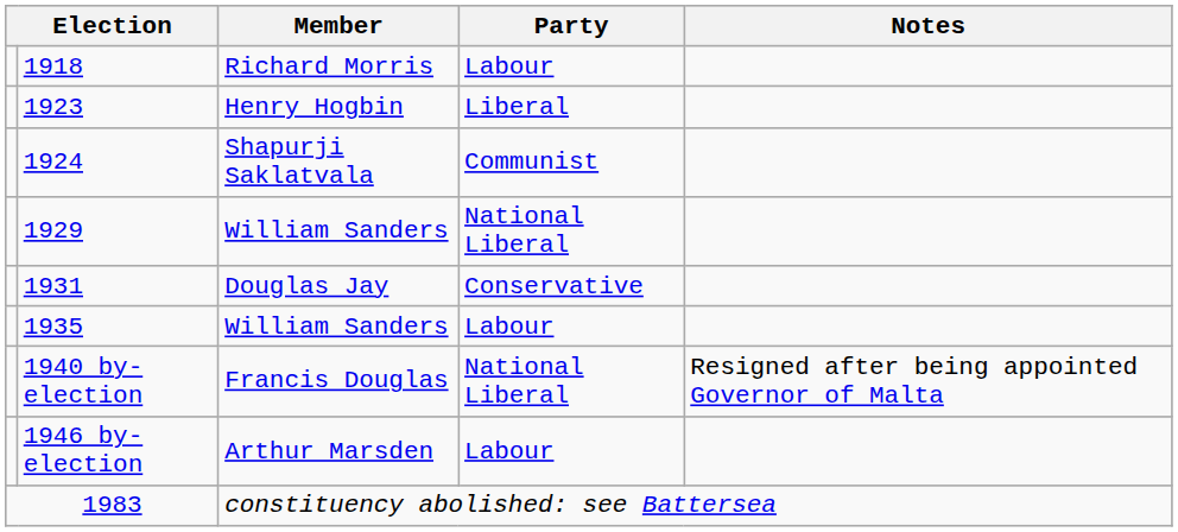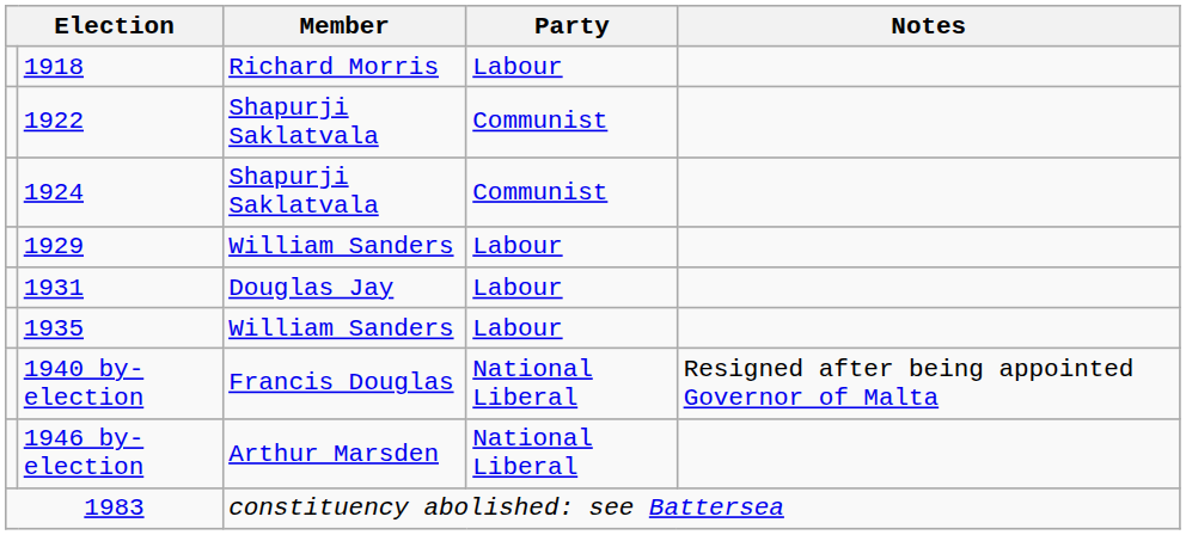 <table class="wikitable">
 <tr>
 <th colspan="2">Election</th>
 <th>Member</th>
 <th>Party</th>
 <th>Notes</th>
 </tr>
 <tr>
 <td style="color:inherit;background-color: "></td>
 <td><a href='#'>1918</a></td>
 <td><a href='#'>Richard Morris</a></td>
 <td><a href='#'>Labour</a></td>
 <td></td>
 </tr>
 <tr>
 <td style="color:inherit;background-color: "></td>
-<td><a href='#'>1923</a></td>
-<td><a href='#'>Henry Hogbin</a></td>
-<td><a href='#'>Liberal</a></td>
+<td><a href='#'>1922</a></td>
+<td><a href='#'>Shapurji Saklatvala</a></td>
+<td><a href='#'>Communist</a></td>
 <td></td>
 </tr>
 <tr>
 <td style="color:inherit;background-color: "></td>
 <td><a href='#'>1924</a></td>
 <td><a href='#'>Shapurji Saklatvala</a></td>
 <td><a href='#'>Communist</a></td>
 <td></td>
 </tr>
 <tr>
 <td style="color:inherit;background-color: "></td>
 <td><a href='#'>1929</a></td>
 <td><a href='#'>William Sanders</a></td>
-<td><a href='#'>National Liberal</a></td>
+<td><a href='#'>Labour</a></td>
 <td></td>
 </tr>
 <tr>
 <td style="color:inherit;background-color: "></td>
 <td><a href='#'>1931</a></td>
 <td><a href='#'>Douglas Jay</a></td>
-<td><a href='#'>Conservative</a></td>
+<td><a href='#'>Labour</a></td>
 <td></td>
 </tr>
 <tr>
 <td style="color:inherit;background-color: "></td>
 <td><a href='#'>1935</a></td>
 <td><a href='#'>William Sanders</a></td>
 <td><a href='#'>Labour</a></td>
 <td></td>
 </tr>
 <tr>
 <td style="color:inherit;background-color: "></td>
 <td><a href='#'>1940 by-election</a></td>
 <td><a href='#'>Francis Douglas</a></td>
 <td><a href='#'>National Liberal</a></td>
 <td>Resigned after being appointed <a href='#'>Governor of Malta</a></td>
 </tr>
 <tr>
 <td style="color:inherit;background-color: "></td>
 <td><a href='#'>1946 by-election</a></td>
 <td><a href='#'>Arthur Marsden</a></td>
-<td><a href='#'>Labour</a></td>
+<td><a href='#'>National Liberal</a></td>
 <td></td>
 </tr>
 <tr>
 <td colspan="2" align="center"><a href='#'>1983</a></td>
 <td colspan="3"><em>constituency abolished: see <a href='#'>Battersea</a></em></td>
 </tr>
 </table>
